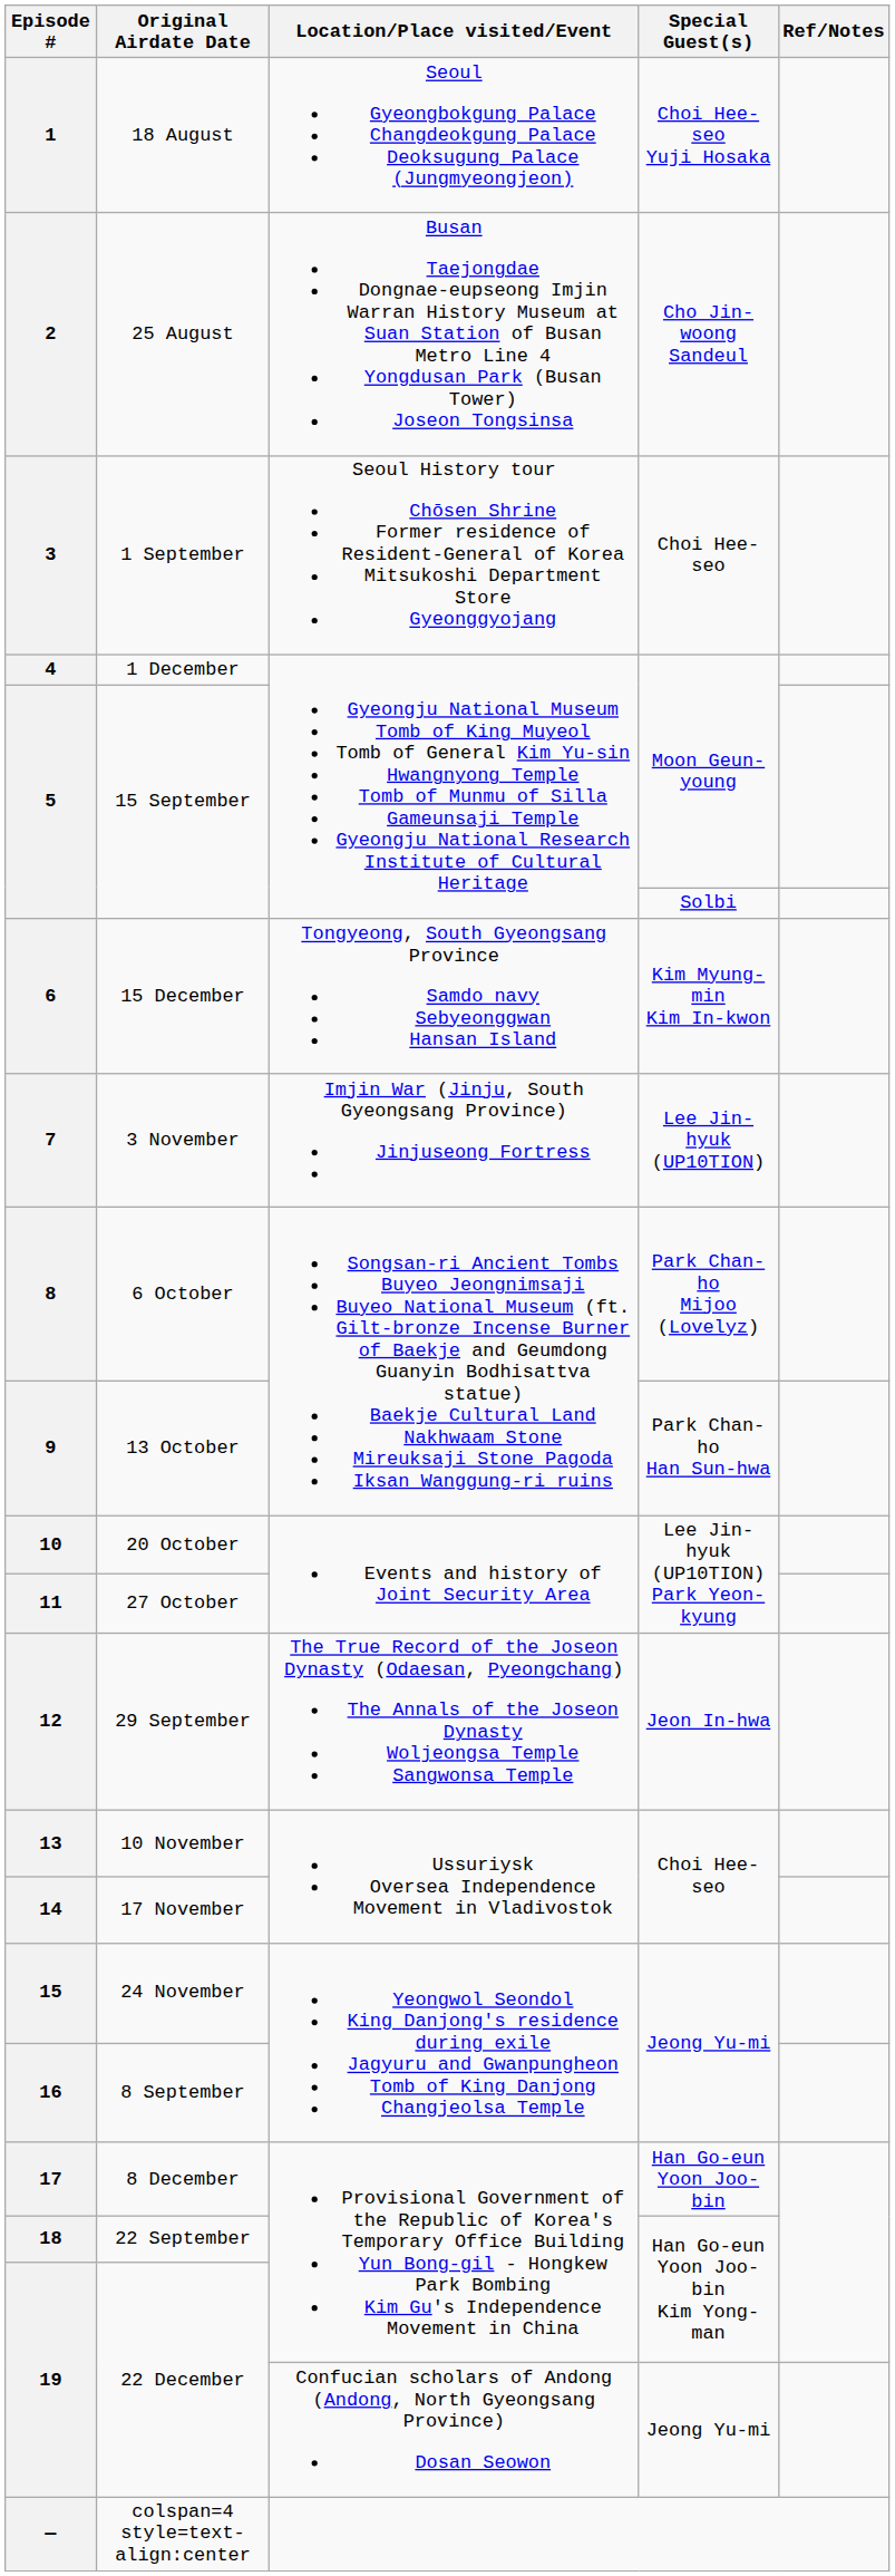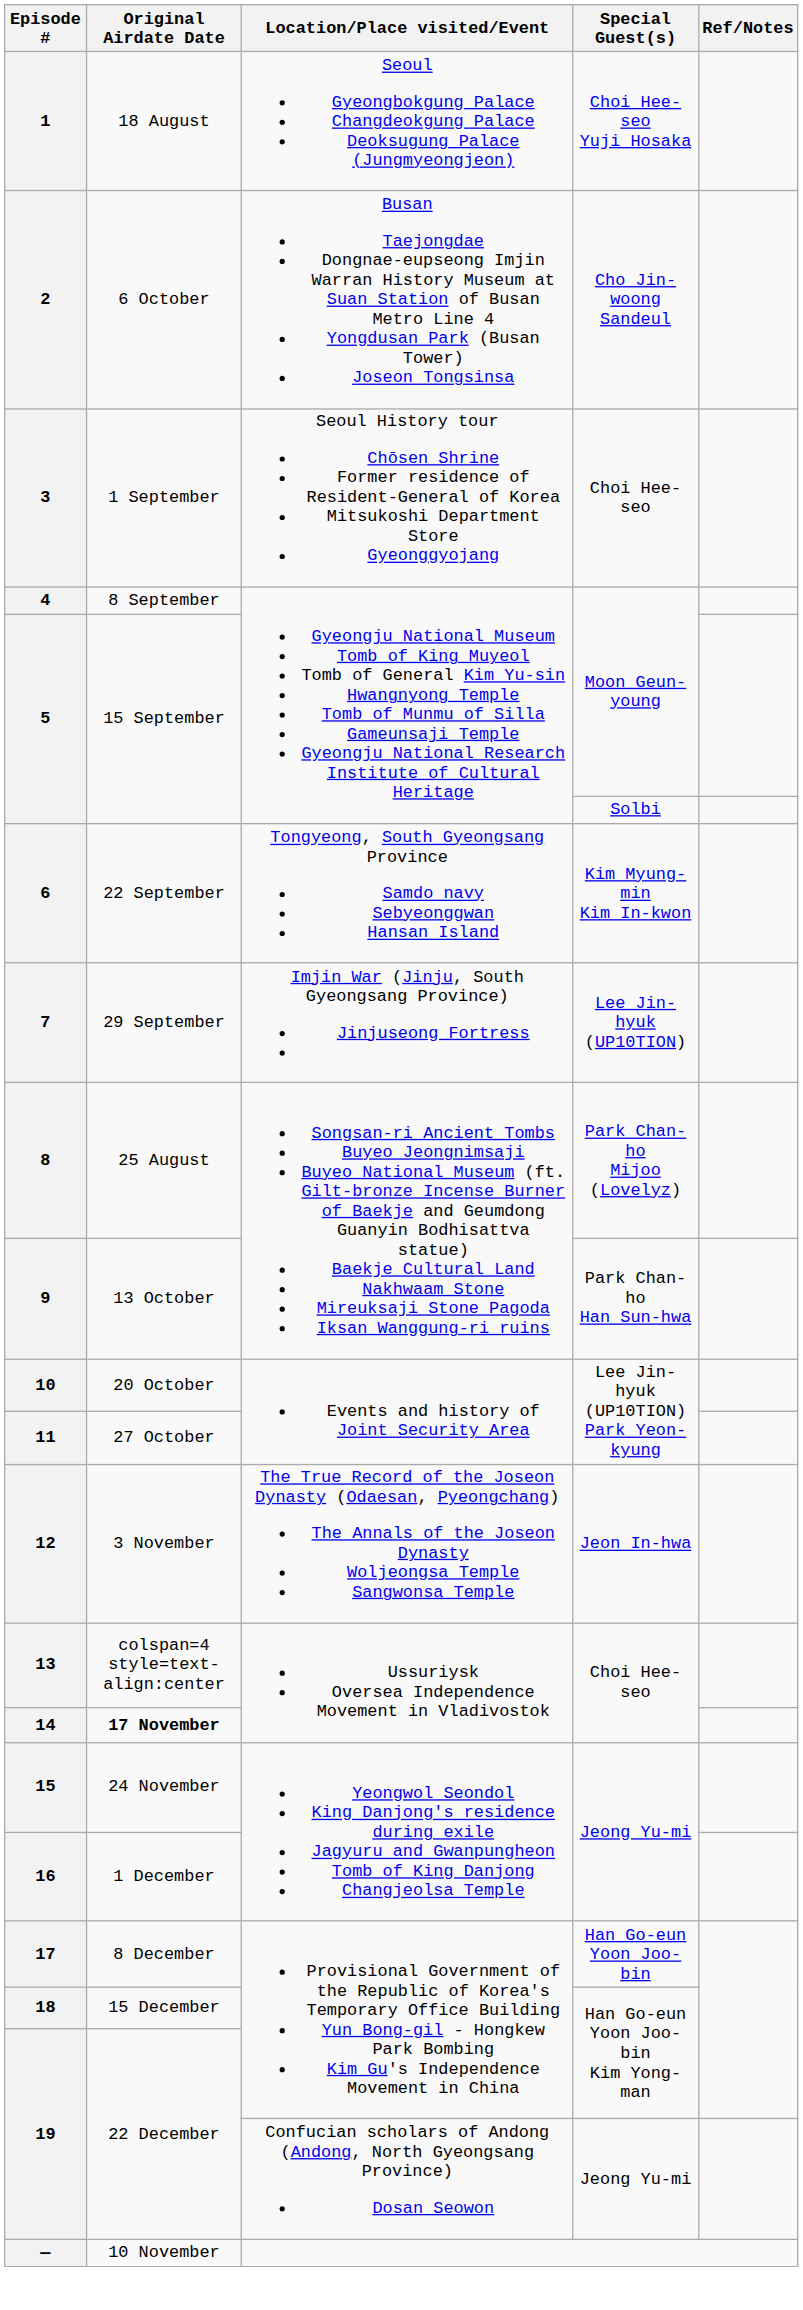 <table class=wikitable style=text-align:center>
 <tr>
 <th>Episode #</th>
 <th>Original Airdate Date</th>
 <th>Location/Place visited/Event</th>
 <th>Special Guest(s)</th>
 <th>Ref/Notes</th>
 </tr>
 <tr>
 <th>1</th>
 <td>18 August</td>
 <td><a href='#'>Seoul</a><br><ul><li><a href='#'>Gyeongbokgung Palace</a></li><li><a href='#'>Changdeokgung Palace</a></li><li><a href='#'>Deoksugung Palace (Jungmyeongjeon)</a></li></ul></td>
 <td><a href='#'>Choi Hee-seo</a><br><a href='#'>Yuji Hosaka</a></td>
 <td></td>
 </tr>
 <tr>
 <th>2</th>
-<td>25 August</td>
+<td>6 October</td>
 <td><a href='#'>Busan</a><br><ul><li><a href='#'>Taejongdae</a></li><li>Dongnae-eupseong Imjin Warran History Museum at <a href='#'>Suan Station</a> of Busan Metro Line 4</li><li><a href='#'>Yongdusan Park</a> (Busan Tower)</li><li><a href='#'>Joseon Tongsinsa</a></li></ul></td>
 <td><a href='#'>Cho Jin-woong</a><br><a href='#'>Sandeul</a></td>
 <td></td>
 </tr>
 <tr>
 <th>3</th>
 <td>1 September</td>
 <td>Seoul History tour<br><ul><li><a href='#'>Chōsen Shrine</a></li><li>Former residence of Resident-General of Korea</li><li>Mitsukoshi Department Store</li><li><a href='#'>Gyeonggyojang</a></li></ul></td>
 <td>Choi Hee-seo</td>
 <td></td>
 </tr>
 <tr>
 <th>4</th>
-<td>1 December</td>
+<td>8 September</td>
 <td rowspan=3><br><ul><li><a href='#'>Gyeongju National Museum</a></li><li><a href='#'>Tomb of King Muyeol</a></li><li>Tomb of General <a href='#'>Kim Yu-sin</a></li><li><a href='#'>Hwangnyong Temple</a></li><li><a href='#'>Tomb of Munmu of Silla</a></li><li><a href='#'>Gameunsaji Temple</a></li><li><a href='#'>Gyeongju National Research Institute of Cultural Heritage</a></li></ul></td>
 <td rowspan=2><a href='#'>Moon Geun-young</a></td>
 <td></td>
 </tr>
 <tr>
 <th rowspan=2>5</th>
 <td rowspan=2>15 September</td>
 <td></td>
 </tr>
 <tr>
 <td><a href='#'>Solbi</a></td>
 <td></td>
 </tr>
 <tr>
 <th>6</th>
-<td>15 December</td>
+<td>22 September</td>
 <td><a href='#'>Tongyeong</a>, <a href='#'>South Gyeongsang</a> Province<br><ul><li><a href='#'>Samdo navy</a></li><li><a href='#'>Sebyeonggwan</a></li><li><a href='#'>Hansan Island</a></li></ul></td>
 <td><a href='#'>Kim Myung-min</a><br><a href='#'>Kim In-kwon</a></td>
 <td></td>
 </tr>
 <tr>
 <th>7</th>
-<td>3 November</td>
+<td>29 September</td>
 <td><a href='#'>Imjin War</a> (<a href='#'>Jinju</a>, South Gyeongsang Province)<br><ul><li><a href='#'>Jinjuseong Fortress</a></li><li></li></ul></td>
 <td><a href='#'>Lee Jin-hyuk</a> (<a href='#'>UP10TION</a>)</td>
 <td></td>
 </tr>
 <tr>
 <th>8</th>
-<td>6 October</td>
+<td>25 August</td>
 <td rowspan=2><br><ul><li><a href='#'>Songsan-ri Ancient Tombs</a></li><li><a href='#'>Buyeo Jeongnimsaji</a></li><li><a href='#'>Buyeo National Museum</a> (ft. <a href='#'>Gilt-bronze Incense Burner of Baekje</a> and Geumdong Guanyin Bodhisattva statue)</li><li><a href='#'>Baekje Cultural Land</a></li><li><a href='#'>Nakhwaam Stone</a></li><li><a href='#'>Mireuksaji Stone Pagoda</a></li><li><a href='#'>Iksan Wanggung-ri ruins</a></li></ul></td>
 <td><a href='#'>Park Chan-ho</a><br><a href='#'>Mijoo</a> (<a href='#'>Lovelyz</a>)</td>
 <td></td>
 </tr>
 <tr>
 <th>9</th>
 <td>13 October</td>
 <td>Park Chan-ho<br><a href='#'>Han Sun-hwa</a></td>
 <td></td>
 </tr>
 <tr>
 <th>10</th>
 <td>20 October</td>
 <td rowspan=2><br><ul><li>Events and history of <a href='#'>Joint Security Area</a></li></ul></td>
 <td rowspan=2>Lee Jin-hyuk (UP10TION)<br><a href='#'>Park Yeon-kyung</a></td>
 <td></td>
 </tr>
 <tr>
 <th>11</th>
 <td>27 October</td>
 <td></td>
 </tr>
 <tr>
 <th>12</th>
-<td>29 September</td>
+<td>3 November</td>
 <td><a href='#'>The True Record of the Joseon Dynasty</a> (<a href='#'>Odaesan</a>, <a href='#'>Pyeongchang</a>)<br><ul><li><a href='#'>The Annals of the Joseon Dynasty</a></li><li><a href='#'>Woljeongsa Temple</a></li><li><a href='#'>Sangwonsa Temple</a></li></ul></td>
 <td><a href='#'>Jeon In-hwa</a></td>
 <td></td>
 </tr>
 <tr>
 <th>13</th>
-<td>10 November</td>
+<td>colspan=4 style=text-align:center </td>
 <td rowspan=2><br><ul><li>Ussuriysk</li><li>Oversea Independence Movement in Vladivostok</li></ul></td>
 <td rowspan=2>Choi Hee-seo</td>
 <td></td>
 </tr>
 <tr>
 <th>14</th>
-<td>17 November</td>
+<td><strong>17 November</strong></td>
 <td></td>
 </tr>
 <tr>
 <th>15</th>
 <td>24 November</td>
 <td rowspan=2><br><ul><li><a href='#'>Yeongwol Seondol</a></li><li><a href='#'>King Danjong's residence during exile</a></li><li><a href='#'>Jagyuru and Gwanpungheon</a></li><li><a href='#'>Tomb of King Danjong</a></li><li><a href='#'>Changjeolsa Temple</a></li></ul></td>
 <td rowspan=2><a href='#'>Jeong Yu-mi</a></td>
 <td></td>
 </tr>
 <tr>
 <th>16</th>
-<td>8 September</td>
+<td>1 December</td>
 <td></td>
 </tr>
 <tr>
 <th>17</th>
 <td>8 December</td>
 <td rowspan=3><br><ul><li>Provisional Government of the Republic of Korea's Temporary Office Building</li><li><a href='#'>Yun Bong-gil</a> - Hongkew Park Bombing</li><li><a href='#'>Kim Gu</a>'s Independence Movement in China</li></ul></td>
 <td><a href='#'>Han Go-eun</a><br><a href='#'>Yoon Joo-bin</a></td>
 <td rowspan=3></td>
 </tr>
 <tr>
 <th>18</th>
-<td>22 September</td>
+<td>15 December</td>
 <td rowspan=2>Han Go-eun<br>Yoon Joo-bin<br>Kim Yong-man </td>
 </tr>
 <tr>
 <th rowspan=2>19</th>
 <td rowspan=2>22 December</td>
 </tr>
 <tr>
 <td>Confucian scholars of Andong (<a href='#'>Andong</a>, North Gyeongsang Province)<br><ul><li><a href='#'>Dosan Seowon</a></li></ul></td>
 <td>Jeong Yu-mi</td>
 <td></td>
 </tr>
 <tr>
 <th>—</th>
-<td>colspan=4 style=text-align:center </td>
+<td>10 November</td>
 </tr>
 <tr>
 </tr>
 </table>
